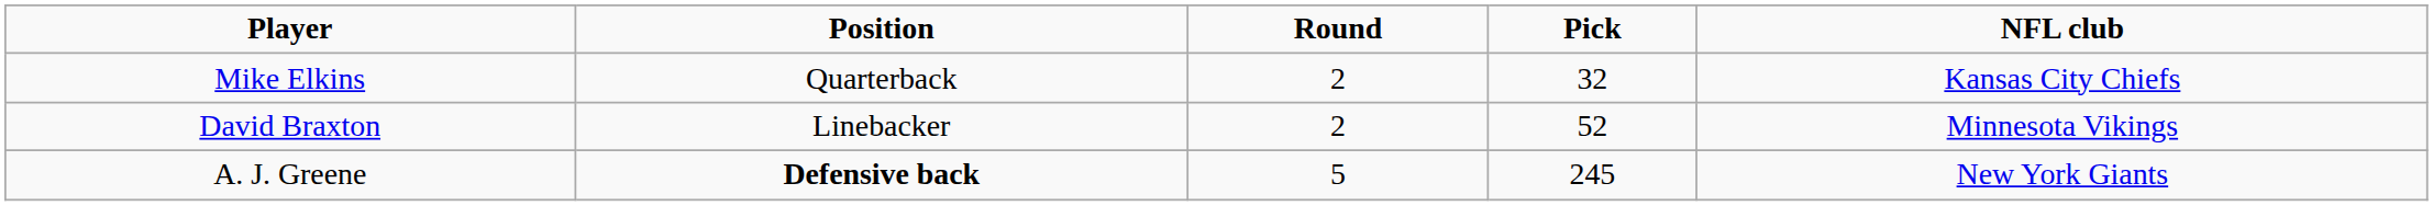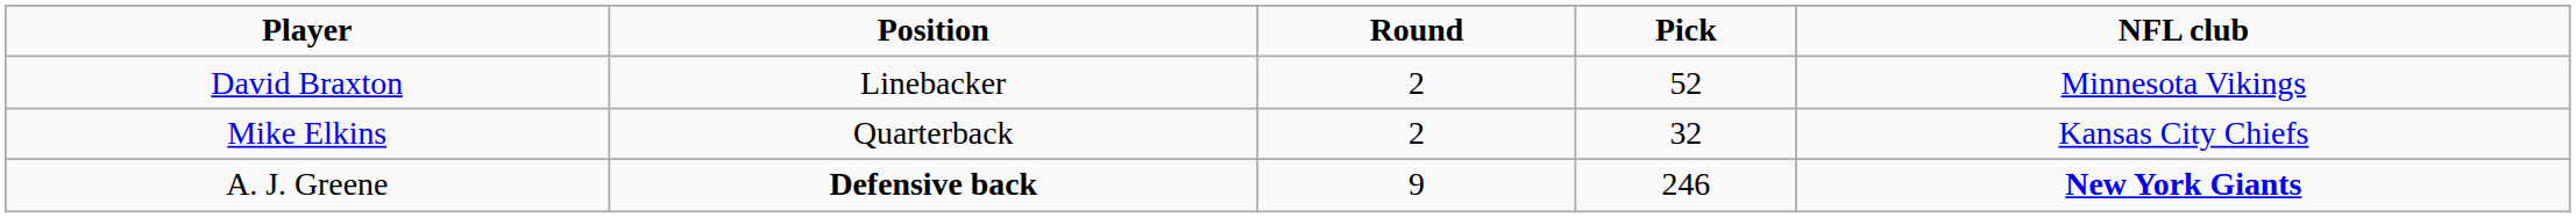 <table class="wikitable" width="80%">
 <tr align="center">
 <td><strong>Player</strong></td>
 <td><strong>Position</strong></td>
 <td><strong>Round</strong></td>
 <td><strong>Pick</strong></td>
 <td><strong>NFL club</strong></td>
 </tr>
 <tr align="center" bgcolor="">
+<td><a href='#'>David Braxton</a></td>
+<td>Linebacker</td>
+<td>2</td>
+<td>52</td>
+<td><a href='#'>Minnesota Vikings</a></td>
+</tr>
+<tr align="center" bgcolor="">
 <td><a href='#'>Mike Elkins</a></td>
 <td>Quarterback</td>
 <td>2</td>
 <td>32</td>
 <td><a href='#'>Kansas City Chiefs</a></td>
 </tr>
 <tr align="center" bgcolor="">
-<td><a href='#'>David Braxton</a></td>
-<td>Linebacker</td>
-<td>2</td>
-<td>52</td>
-<td><a href='#'>Minnesota Vikings</a></td>
-</tr>
-<tr align="center" bgcolor="">
 <td>A. J. Greene</td>
 <td><strong>Defensive back</strong></td>
-<td>5</td>
-<td>245</td>
-<td><a href='#'>New York Giants</a></td>
+<td>9</td>
+<td>246</td>
+<td><strong><a href='#'>New York Giants</a></strong></td>
 </tr>
 </table>
